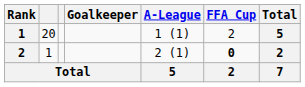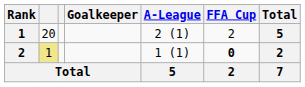 <table class="wikitable sortable" style="text-align:center">
 <tr>
 <th>Rank</th>
 <th></th>
 <th></th>
 <th>Goalkeeper</th>
 <th><a href='#'>A-League</a></th>
 <th><a href='#'>FFA Cup</a></th>
 <th>Total</th>
 </tr>
 <tr>
 <th>1</th>
 <td>20</td>
 <td></td>
 <td align="left"></td>
-<td>1 (1)</td>
+<td>2 (1)</td>
 <td>2</td>
 <th>5</th>
 </tr>
 <tr>
 <th>2</th>
-<td>1</td>
+<td style="background: khaki;">1</td>
 <td></td>
 <td align="left"></td>
-<td>2 (1)</td>
+<td>1 (1)</td>
 <td><strong>0</strong></td>
 <th>2</th>
 </tr>
 <tr>
 <th colspan="4">Total</th>
 <th>5</th>
 <th>2</th>
 <th>7</th>
 </tr>
 </table>
